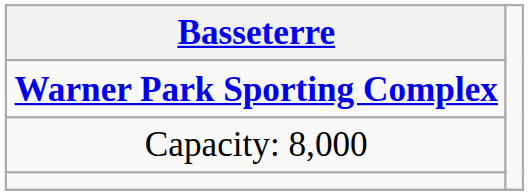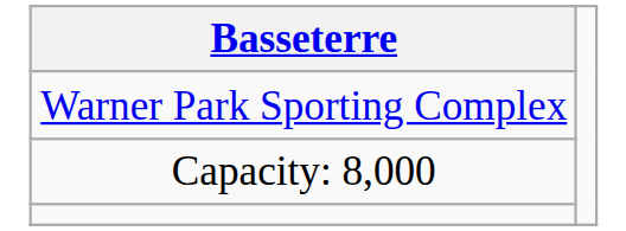 <table class="wikitable" style="text-align:center;margin:auto">
 <tr>
 <th><a href='#'>Basseterre</a></th>
 <td rowspan="4" style="vertical-align:top"><br></td>
 </tr>
 <tr>
-<td><strong><a href='#'>Warner Park Sporting Complex</a></strong></td>
+<td><a href='#'>Warner Park Sporting Complex</a></td>
 </tr>
 <tr>
 <td>Capacity: 8,000</td>
 </tr>
 <tr>
 <td></td>
 </tr>
 <tr>
 </tr>
 </table>
